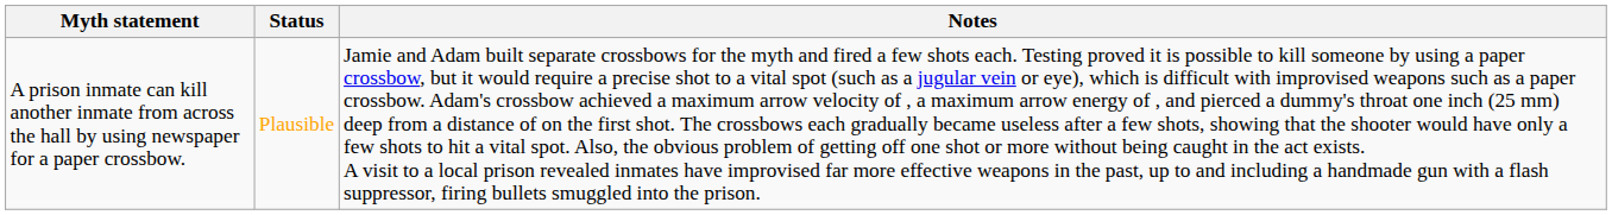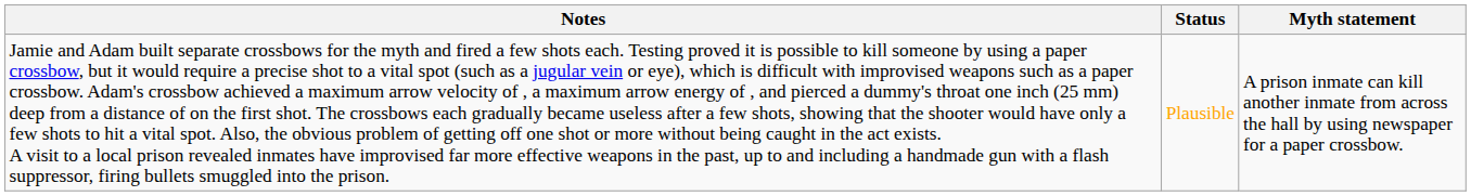 <table class="wikitable plainrowheaders">
 <tr>
+<th>Notes</th>
+<th>Status</th>
 <th>Myth statement</th>
-<th>Status</th>
-<th>Notes</th>
 </tr>
 <tr>
+<td>Jamie and Adam built separate crossbows for the myth and fired a few shots each. Testing proved it is possible to kill someone by using a paper <a href='#'>crossbow</a>, but it would require a precise shot to a vital spot (such as a <a href='#'>jugular vein</a> or eye), which is difficult with improvised weapons such as a paper crossbow. Adam's crossbow achieved a maximum arrow velocity of , a maximum arrow energy of , and pierced a dummy's throat one inch (25 mm) deep from a distance of  on the first shot. The crossbows each gradually became useless after a few shots, showing that the shooter would have only a few shots to hit a vital spot. Also, the obvious problem of getting off one shot or more without being caught in the act exists.<br>A visit to a local prison revealed inmates have improvised far more effective weapons in the past, up to and including a handmade gun with a flash suppressor, firing bullets smuggled into the prison.</td>
+<td style="color:orange">Plausible</td>
 <td>A prison inmate can kill another inmate from across the hall by using newspaper for a paper crossbow.</td>
-<td style="color:orange">Plausible</td>
-<td>Jamie and Adam built separate crossbows for the myth and fired a few shots each. Testing proved it is possible to kill someone by using a paper <a href='#'>crossbow</a>, but it would require a precise shot to a vital spot (such as a <a href='#'>jugular vein</a> or eye), which is difficult with improvised weapons such as a paper crossbow. Adam's crossbow achieved a maximum arrow velocity of , a maximum arrow energy of , and pierced a dummy's throat one inch (25 mm) deep from a distance of  on the first shot. The crossbows each gradually became useless after a few shots, showing that the shooter would have only a few shots to hit a vital spot. Also, the obvious problem of getting off one shot or more without being caught in the act exists.<br>A visit to a local prison revealed inmates have improvised far more effective weapons in the past, up to and including a handmade gun with a flash suppressor, firing bullets smuggled into the prison.</td>
 </tr>
 </table>
